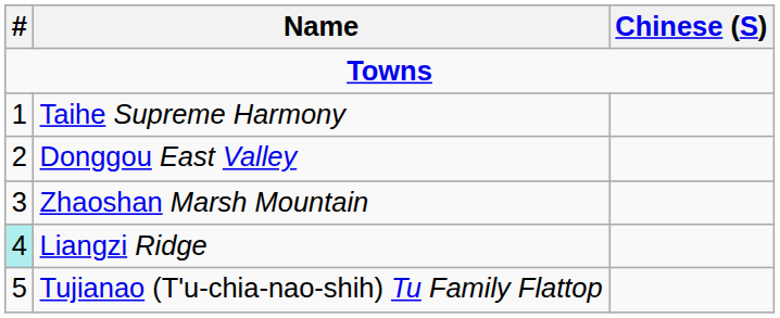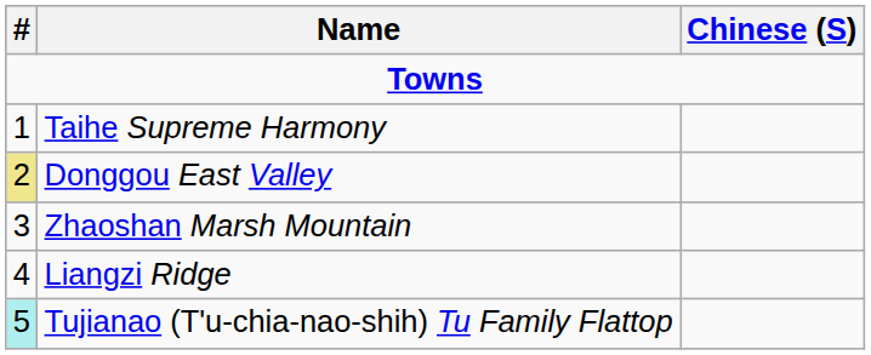 <table class="wikitable sortable">
 <tr>
 <th>#</th>
 <th>Name</th>
 <th><a href='#'>Chinese</a> (<a href='#'>S</a>)</th>
 </tr>
 <tr>
 <td style="text-align:center;" colspan="7"><strong><a href='#'>Towns</a></strong></td>
 </tr>
 <tr>
 <td>1</td>
 <td><a href='#'>Taihe</a> <em>Supreme Harmony</em></td>
 <td></td>
 </tr>
 <tr>
-<td>2</td>
+<td style="background: khaki;">2</td>
 <td><a href='#'>Donggou</a> <em>East <a href='#'>Valley</a></em></td>
 <td></td>
 </tr>
 <tr>
 <td>3</td>
 <td><a href='#'>Zhaoshan</a> <em>Marsh Mountain</em></td>
 <td></td>
 </tr>
 <tr>
-<td style="background: paleturquoise;">4</td>
+<td>4</td>
 <td><a href='#'>Liangzi</a> <em>Ridge</em></td>
 <td></td>
 </tr>
 <tr>
-<td>5</td>
+<td style="background: paleturquoise;">5</td>
 <td><a href='#'>Tujianao</a> (T'u-chia-nao-shih) <em><a href='#'>Tu</a> Family Flattop</em></td>
 <td></td>
 </tr>
 </table>
